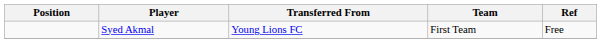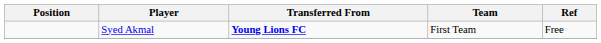 <table class="wikitable sortable" style="width:70%; text-align:center; font-size:100%; text-align:left;">
 <tr>
 <th><strong>Position</strong></th>
 <th><strong>Player</strong></th>
 <th><strong>Transferred From</strong></th>
 <th><strong>Team</strong></th>
 <th><strong>Ref</strong></th>
 </tr>
 <tr>
 <td></td>
 <td> <a href='#'>Syed Akmal</a></td>
-<td> <a href='#'>Young Lions FC</a></td>
+<td><strong> <a href='#'>Young Lions FC</a></strong></td>
 <td>First Team</td>
 <td>Free</td>
 </tr>
 <tr>
 </tr>
 </table>
